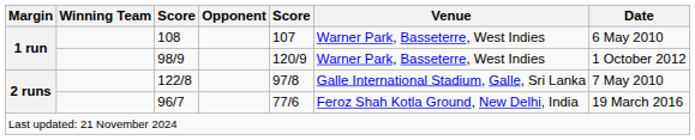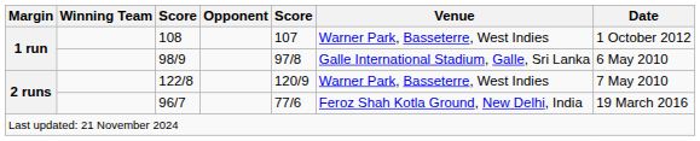 <table class="wikitable sortable" style="text-align:left;">
 <tr>
 <th>Margin</th>
 <th>Winning Team</th>
 <th>Score</th>
 <th>Opponent</th>
 <th>Score</th>
 <th>Venue</th>
 <th>Date</th>
 </tr>
 <tr>
 <th rowspan="2">1 run</th>
 <td></td>
 <td>108</td>
 <td></td>
 <td>107</td>
 <td><a href='#'>Warner Park</a>, <a href='#'>Basseterre</a>, West Indies</td>
-<td>6 May 2010</td>
+<td>1 October 2012</td>
 </tr>
 <tr>
 <td></td>
 <td>98/9</td>
 <td></td>
-<td>120/9</td>
-<td><a href='#'>Warner Park</a>, <a href='#'>Basseterre</a>, West Indies</td>
-<td>1 October 2012</td>
+<td>97/8</td>
+<td><a href='#'>Galle International Stadium</a>, <a href='#'>Galle</a>, Sri Lanka</td>
+<td>6 May 2010</td>
 </tr>
 <tr>
 <th rowspan="2">2 runs</th>
 <td></td>
 <td>122/8</td>
 <td></td>
-<td>97/8</td>
-<td><a href='#'>Galle International Stadium</a>, <a href='#'>Galle</a>, Sri Lanka</td>
+<td>120/9</td>
+<td><a href='#'>Warner Park</a>, <a href='#'>Basseterre</a>, West Indies</td>
 <td>7 May 2010</td>
 </tr>
 <tr>
 <td></td>
 <td>96/7</td>
 <td></td>
 <td>77/6</td>
 <td><a href='#'>Feroz Shah Kotla Ground</a>, <a href='#'>New Delhi</a>, India</td>
 <td>19 March 2016</td>
 </tr>
 <tr>
 <td colspan="7"><small>Last updated: 21 November 2024</small></td>
 </tr>
 </table>
